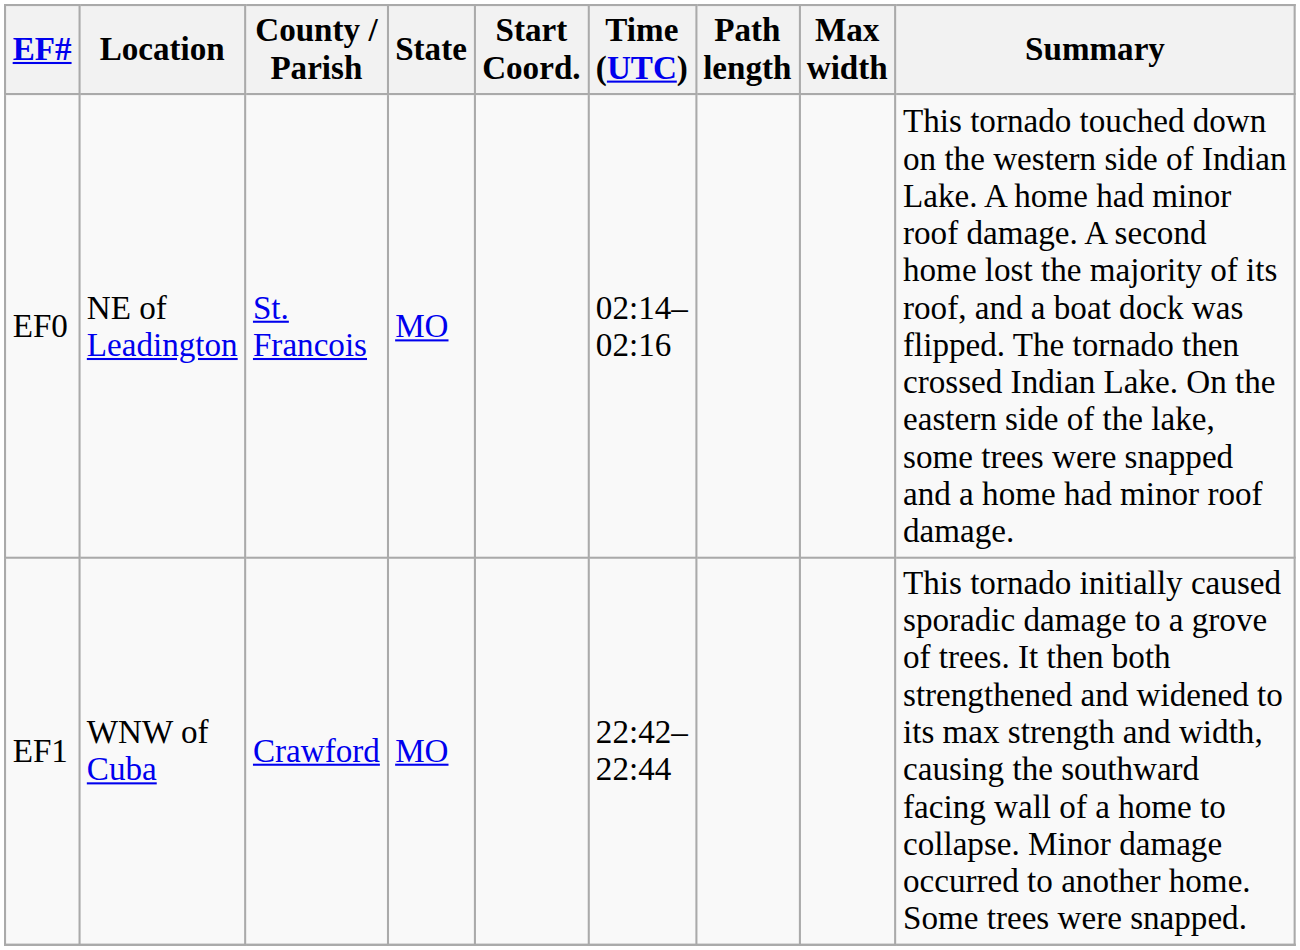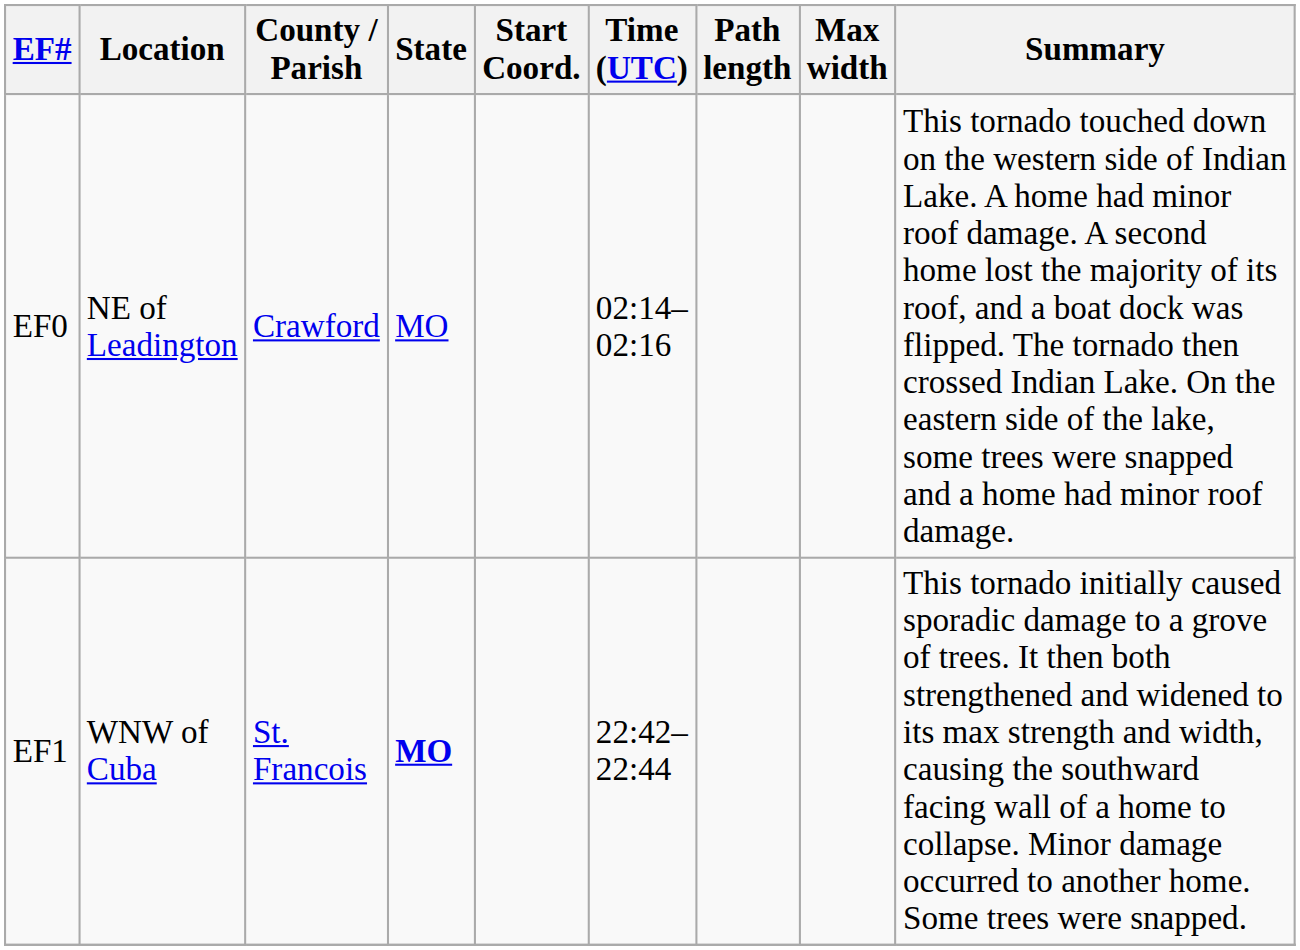 <table class="wikitable sortable" style="width:100%;">
 <tr>
 <th scope="col"  style="width:3%; text-align:center;"><a href='#'>EF#</a></th>
 <th scope="col"  style="width:7%; text-align:center;" class="unsortable">Location</th>
 <th scope="col"  style="width:6%; text-align:center;" class="unsortable">County / Parish</th>
 <th scope="col"  style="width:5%; text-align:center;">State</th>
 <th scope="col"  style="width:6%; text-align:center;">Start Coord.</th>
 <th scope="col"  style="width:6%; text-align:center;">Time (<a href='#'>UTC</a>)</th>
 <th scope="col"  style="width:6%; text-align:center;">Path length</th>
 <th scope="col"  style="width:6%; text-align:center;">Max width</th>
 <th scope="col" class="unsortable" style="width:48%; text-align:center;">Summary</th>
 </tr>
 <tr>
 <td>EF0</td>
 <td>NE of <a href='#'>Leadington</a></td>
-<td><a href='#'>St. Francois</a></td>
+<td><a href='#'>Crawford</a></td>
 <td><a href='#'>MO</a></td>
 <td></td>
 <td>02:14–02:16</td>
 <td></td>
 <td></td>
 <td>This tornado touched down on the western side of Indian Lake. A home had minor roof damage. A second home lost the majority of its roof, and a boat dock was flipped. The tornado then crossed Indian Lake. On the eastern side of the lake, some trees were snapped and a home had minor roof damage.</td>
 </tr>
 <tr>
 <td>EF1</td>
 <td>WNW of <a href='#'>Cuba</a></td>
-<td><a href='#'>Crawford</a></td>
-<td><a href='#'>MO</a></td>
+<td><a href='#'>St. Francois</a></td>
+<td><strong><a href='#'>MO</a></strong></td>
 <td></td>
 <td>22:42–22:44</td>
 <td></td>
 <td></td>
 <td>This tornado initially caused sporadic damage to a grove of trees. It then both strengthened and widened to its max strength and width, causing the southward facing wall of a home to collapse. Minor damage occurred to another home. Some trees were snapped.</td>
 </tr>
 <tr>
 </tr>
 </table>
